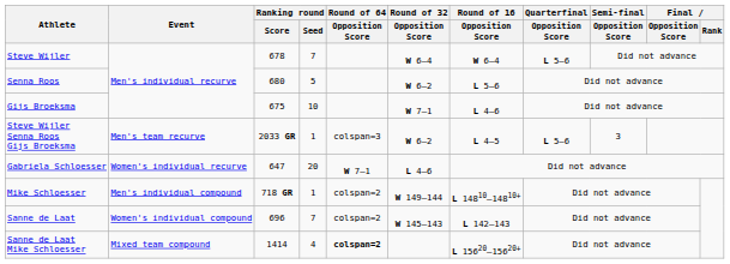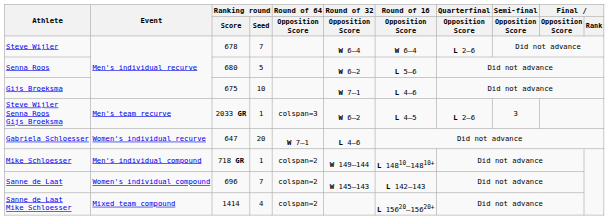 <table class=wikitable style=font-size:90%;text-align:center>
 <tr>
 <th rowspan=2>Athlete</th>
 <th rowspan=2>Event</th>
 <th colspan=2>Ranking round</th>
 <th>Round of 64</th>
 <th>Round of 32</th>
 <th>Round of 16</th>
 <th>Quarterfinal</th>
 <th>Semi-final</th>
 <th colspan=2>Final / </th>
 </tr>
 <tr style=font-size:95%>
 <th>Score</th>
 <th>Seed</th>
 <th>Opposition<br>Score</th>
 <th>Opposition<br>Score</th>
 <th>Opposition<br>Score</th>
 <th>Opposition<br>Score</th>
 <th>Opposition<br>Score</th>
 <th>Opposition<br>Score</th>
 <th>Rank</th>
 </tr>
 <tr>
 <td align=left><a href='#'>Steve Wijler</a></td>
 <td align=left rowspan="3"><a href='#'>Men's individual recurve</a></td>
 <td>678</td>
 <td>7</td>
 <td></td>
 <td><br><strong>W</strong> 6–4</td>
 <td><br><strong>W</strong> 6–4</td>
-<td><br><strong>L</strong> 5–6</td>
+<td><br><strong>L</strong> 2–6</td>
 <td colspan=3>Did not advance</td>
 </tr>
 <tr>
 <td align=left><a href='#'>Senna Roos</a></td>
 <td>680</td>
 <td>5</td>
 <td></td>
 <td><br><strong>W</strong> 6–2</td>
 <td><br><strong>L</strong> 5–6</td>
 <td colspan=4>Did not advance</td>
 </tr>
 <tr>
 <td align=left><a href='#'>Gijs Broeksma</a></td>
 <td>675</td>
 <td>10</td>
 <td></td>
 <td><br><strong>W</strong> 7–1</td>
 <td><br><strong>L</strong> 4–6</td>
 <td colspan=4>Did not advance</td>
 </tr>
 <tr>
 <td align=left><a href='#'>Steve Wijler</a><br><a href='#'>Senna Roos</a><br><a href='#'>Gijs Broeksma</a></td>
 <td align=left><a href='#'>Men's team recurve</a></td>
 <td>2033 <strong>GR</strong></td>
 <td>1</td>
 <td>colspan=3 </td>
 <td><br><strong>W</strong> 6–2</td>
 <td><br><strong>L</strong> 4–5</td>
-<td><br><strong>L</strong> 5–6</td>
+<td><br><strong>L</strong> 2–6</td>
 <td>3</td>
 </tr>
 <tr>
 <td align=left><a href='#'>Gabriela Schloesser</a></td>
 <td align=left><a href='#'>Women's individual recurve</a></td>
 <td>647</td>
 <td>20</td>
 <td><br><strong>W</strong> 7–1</td>
 <td><br><strong>L</strong> 4–6</td>
 <td colspan=5>Did not advance</td>
 </tr>
 <tr>
 <td align=left><a href='#'>Mike Schloesser</a></td>
 <td align=left><a href='#'>Men's individual compound</a></td>
 <td>718 <strong>GR</strong></td>
 <td>1</td>
 <td>colspan=2 </td>
 <td><br><strong>W</strong> 149–144</td>
 <td><br><strong>L</strong> 148<sup>10</sup>–148<sup>10+</sup></td>
 <td colspan=3>Did not advance</td>
 </tr>
 <tr>
 <td align=left><a href='#'>Sanne de Laat</a></td>
 <td align=left><a href='#'>Women's individual compound</a></td>
 <td>696</td>
 <td>7</td>
 <td>colspan=2 </td>
 <td><br><strong>W</strong> 145–143</td>
 <td><br><strong>L</strong> 142–143</td>
 <td colspan=3>Did not advance</td>
 </tr>
 <tr>
 <td align=left><a href='#'>Sanne de Laat</a><br><a href='#'>Mike Schloesser</a></td>
 <td align=left><a href='#'>Mixed team compound</a></td>
 <td>1414</td>
 <td>4</td>
-<td><strong>colspan=2 </strong></td>
+<td>colspan=2 </td>
 <td></td>
 <td><br><strong>L</strong> 156<sup>20</sup>–156<sup>20+</sup></td>
 <td colspan=3>Did not advance</td>
 </tr>
 </table>
